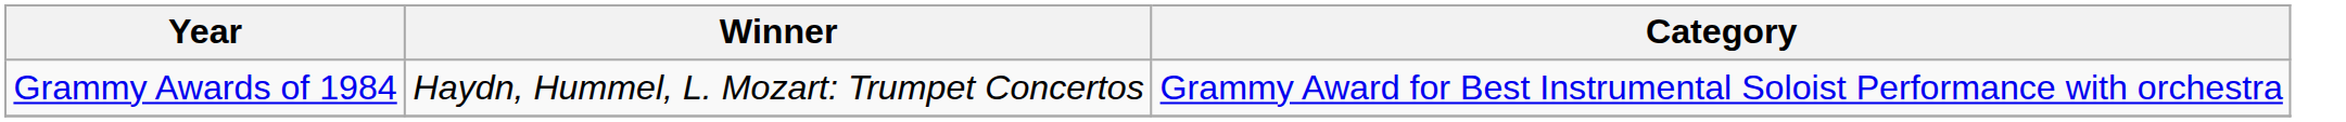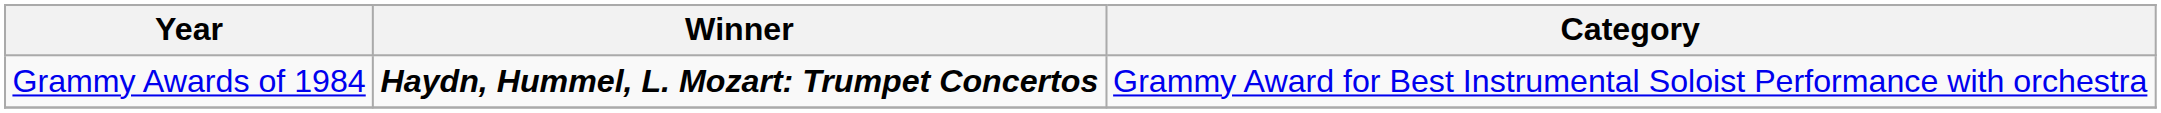 <table class="wikitable">
 <tr>
 <th align="left">Year</th>
 <th align="left">Winner</th>
 <th align="left">Category</th>
 </tr>
 <tr>
 <td align="left"><a href='#'>Grammy Awards of 1984</a></td>
-<td align="left"><em>Haydn, Hummel, L. Mozart: Trumpet Concertos</em></td>
+<td align="left"><strong><em>Haydn, Hummel, L. Mozart: Trumpet Concertos</em></strong></td>
 <td align="left"><a href='#'>Grammy Award for Best Instrumental Soloist Performance with orchestra</a></td>
 </tr>
 <tr>
 </tr>
 </table>
